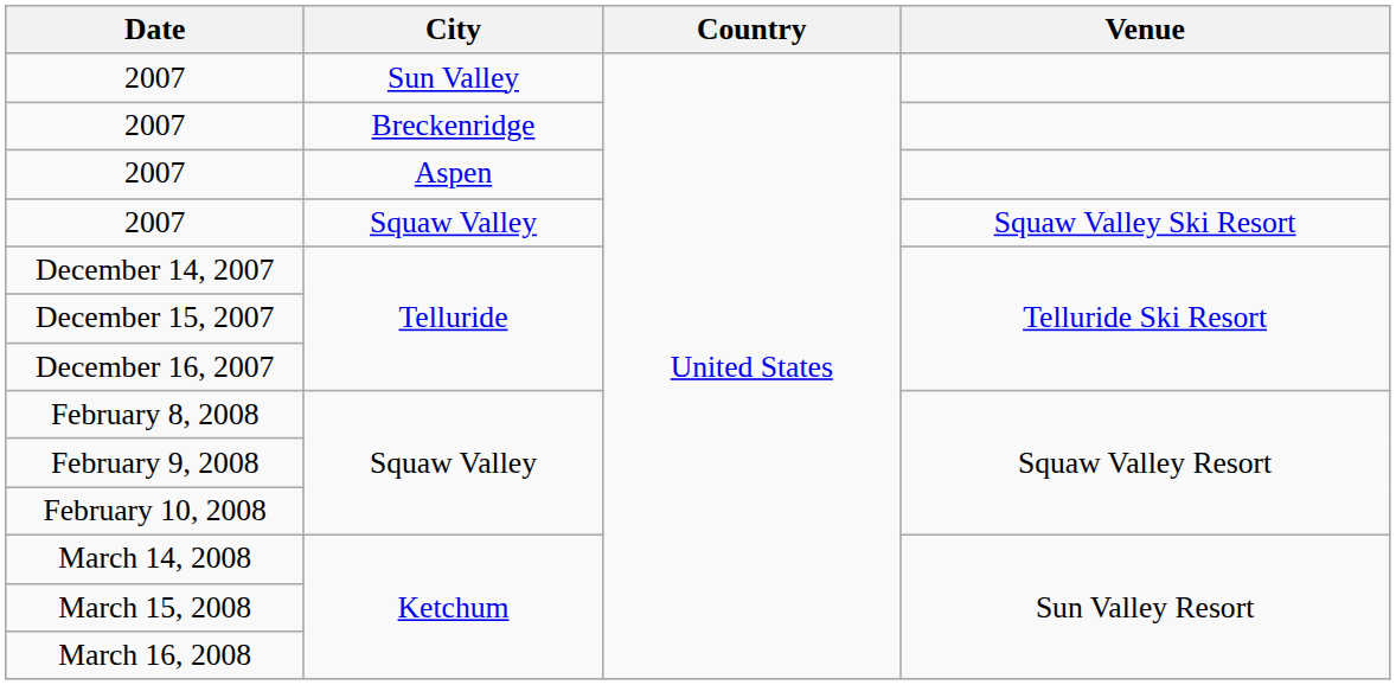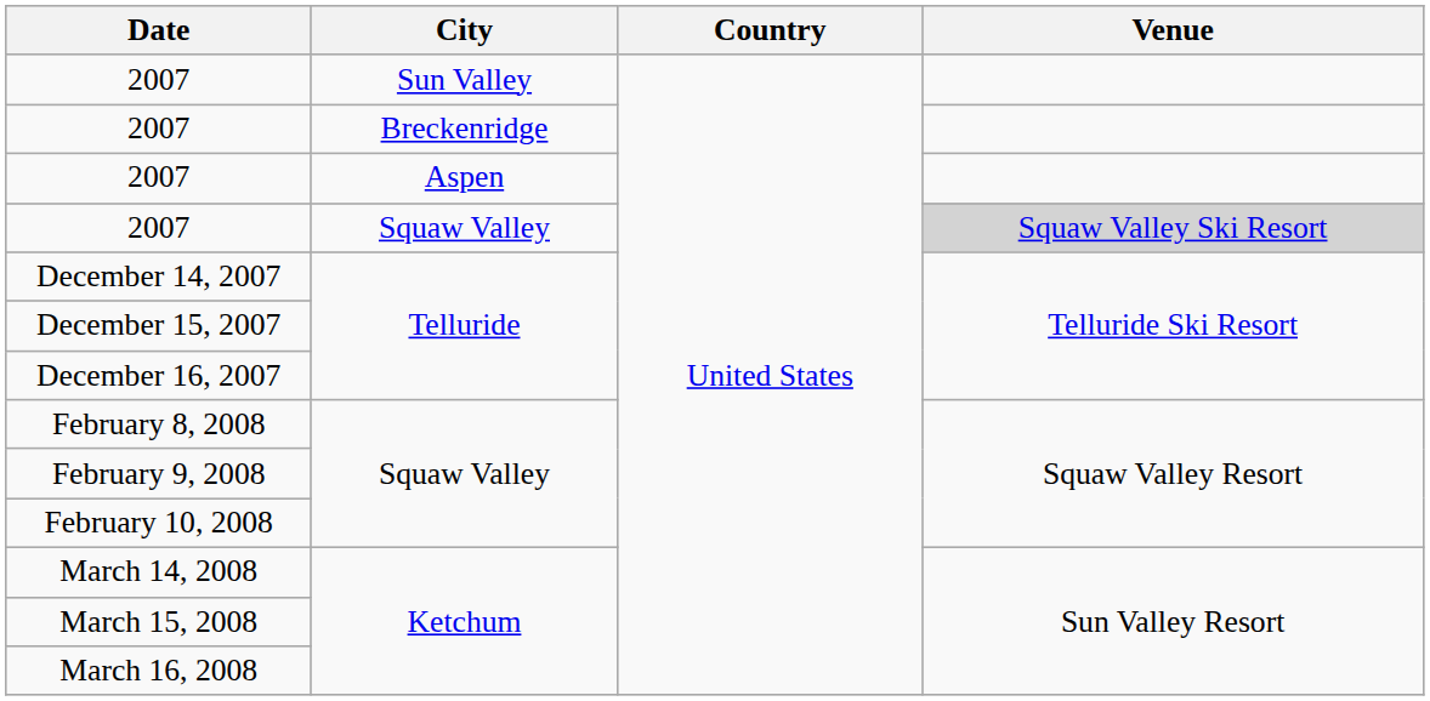 <table class="wikitable" style="text-align:center;">
 <tr>
 <th style="width:150px;">Date</th>
 <th style="width:150px;">City</th>
 <th style="width:150px;">Country</th>
 <th style="width:250px;">Venue</th>
 </tr>
 <tr>
 <td>2007</td>
 <td><a href='#'>Sun Valley</a></td>
 <td rowspan="13"><a href='#'>United States</a></td>
 <td></td>
 </tr>
 <tr>
 <td>2007</td>
 <td><a href='#'>Breckenridge</a></td>
 <td></td>
 </tr>
 <tr>
 <td>2007</td>
 <td><a href='#'>Aspen</a></td>
 <td></td>
 </tr>
 <tr>
 <td>2007</td>
 <td><a href='#'>Squaw Valley</a></td>
-<td><a href='#'>Squaw Valley Ski Resort</a></td>
+<td style="background: lightgrey;"><a href='#'>Squaw Valley Ski Resort</a></td>
 </tr>
 <tr>
 <td>December 14, 2007</td>
 <td rowspan="3"><a href='#'>Telluride</a></td>
 <td rowspan="3"><a href='#'>Telluride Ski Resort</a></td>
 </tr>
 <tr>
 <td>December 15, 2007</td>
 </tr>
 <tr>
 <td>December 16, 2007</td>
 </tr>
 <tr>
 <td>February 8, 2008</td>
 <td rowspan="3">Squaw Valley</td>
 <td rowspan="3">Squaw Valley Resort</td>
 </tr>
 <tr>
 <td>February 9, 2008</td>
 </tr>
 <tr>
 <td>February 10, 2008</td>
 </tr>
 <tr>
 <td>March 14, 2008</td>
 <td rowspan="3"><a href='#'>Ketchum</a></td>
 <td rowspan="3">Sun Valley Resort</td>
 </tr>
 <tr>
 <td>March 15, 2008</td>
 </tr>
 <tr>
 <td>March 16, 2008</td>
 </tr>
 </table>
